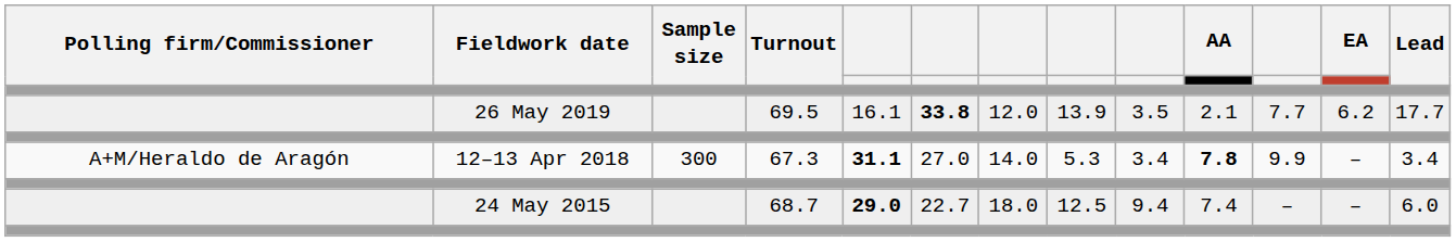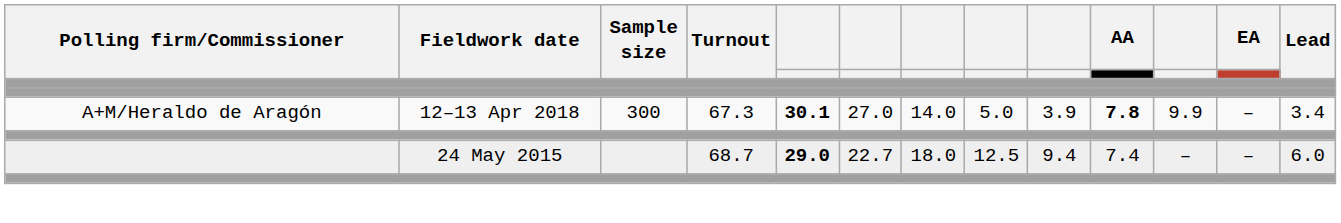 <table class="wikitable collapsible collapsed" style="text-align:center; font-size:95%; line-height:16px;">
 <tr style="height:42px;">
 <th style="width:250px;" rowspan="2">Polling firm/Commissioner</th>
 <th style="width:125px;" rowspan="2">Fieldwork date</th>
 <th style="width:50px;" rowspan="2">Sample size</th>
 <th style="width:45px;" rowspan="2">Turnout</th>
 <th style="width:35px;"></th>
 <th style="width:35px;"></th>
 <th style="width:35px;"></th>
 <th style="width:35px;"></th>
 <th style="width:35px;"></th>
 <th style="width:35px;">AA</th>
 <th style="width:35px;"></th>
 <th style="width:35px;">EA</th>
 <th style="width:30px;" rowspan="2">Lead</th>
 </tr>
 <tr>
 <th style="color:inherit;background:"></th>
 <th style="color:inherit;background:"></th>
 <th style="color:inherit;background:"></th>
 <th style="color:inherit;background:"></th>
 <th style="color:inherit;background:"></th>
 <th style="color:inherit;background:#000000;"></th>
 <th style="color:inherit;background:"></th>
 <th style="color:inherit;background:#C03E2E;"></th>
 </tr>
 <tr>
 <td colspan="13" style="background:#A0A0A0"></td>
 </tr>
-<tr style="background:#EFEFEF;">
-<td><strong></strong></td>
-<td>26 May 2019</td>
-<td></td>
-<td>69.5</td>
-<td>16.1<br></td>
-<td><strong>33.8</strong><br></td>
-<td>12.0<br></td>
-<td>13.9<br></td>
-<td>3.5<br></td>
-<td>2.1<br></td>
-<td>7.7<br></td>
-<td>6.2<br></td>
-<td style="background:">17.7</td>
-</tr>
 <tr>
 <td colspan="13" style="background:#A0A0A0"></td>
 </tr>
 <tr>
 <td>A+M/Heraldo de Aragón</td>
 <td>12–13 Apr 2018</td>
 <td>300</td>
 <td>67.3</td>
-<td><strong>31.1</strong><br></td>
+<td><strong>30.1</strong><br></td>
 <td>27.0<br></td>
 <td>14.0<br></td>
-<td>5.3<br></td>
-<td>3.4<br></td>
+<td>5.0<br></td>
+<td>3.9<br></td>
 <td><strong>7.8<br></strong></td>
 <td>9.9<br></td>
 <td>–</td>
 <td style="background:">3.4</td>
 </tr>
 <tr>
 <td colspan="13" style="background:#A0A0A0"></td>
 </tr>
 <tr style="background:#EFEFEF;">
 <td><strong></strong></td>
 <td>24 May 2015</td>
 <td></td>
 <td>68.7</td>
 <td><strong>29.0</strong><br></td>
 <td>22.7<br></td>
 <td>18.0<br></td>
 <td>12.5<br></td>
 <td>9.4<br></td>
 <td>7.4<br></td>
 <td>–</td>
 <td>–</td>
 <td style="background:">6.0</td>
 </tr>
 <tr>
 <td colspan="13" style="background:#A0A0A0"></td>
 </tr>
 </table>
